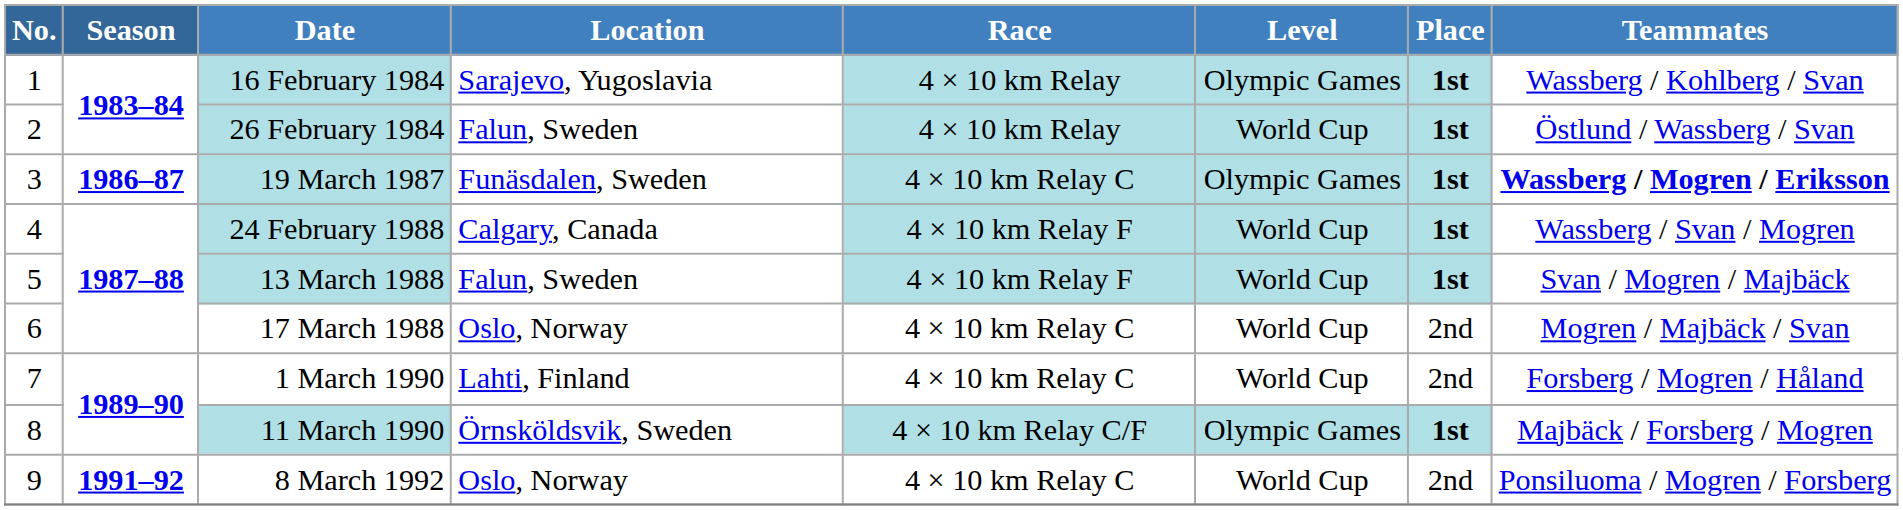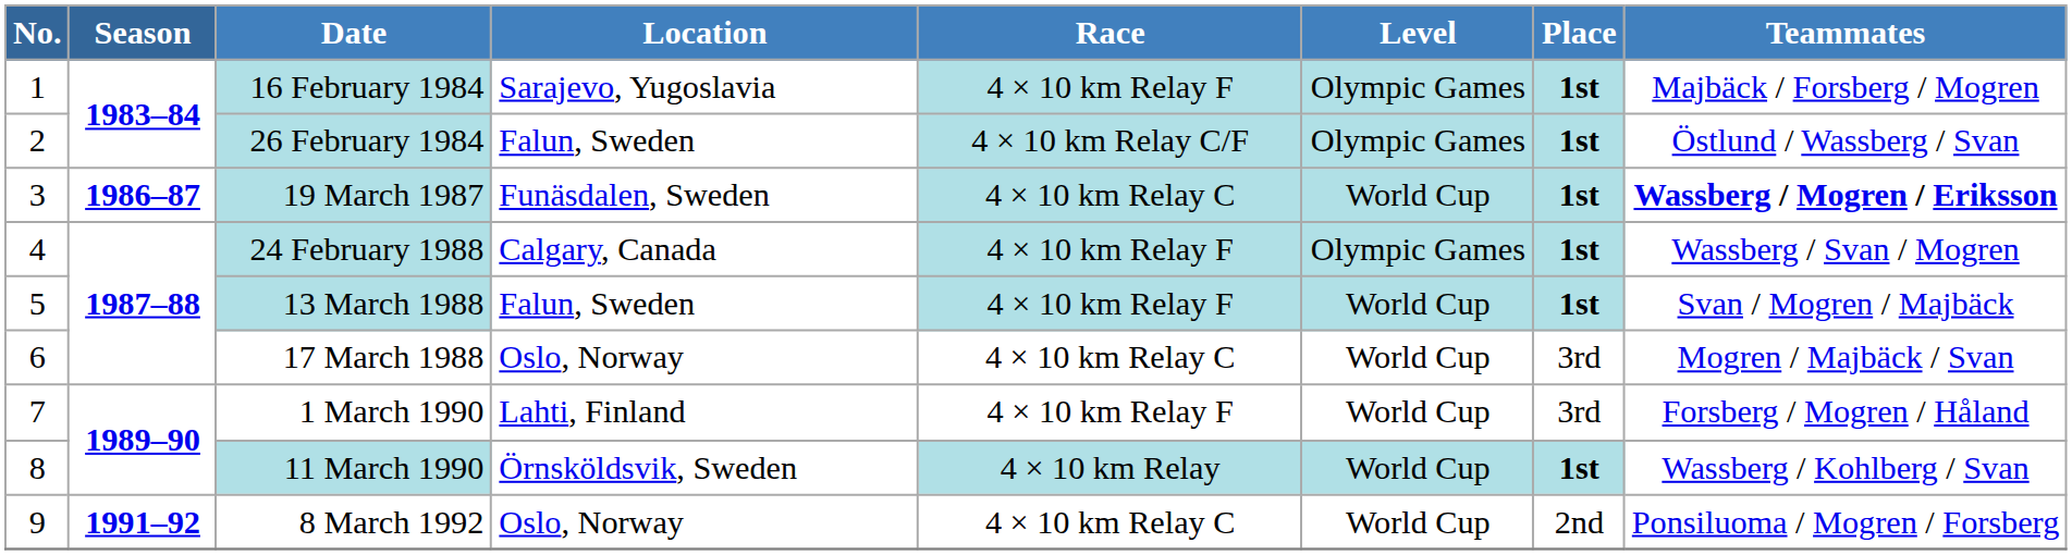 <table class="wikitable sortable" style="font-size:95%; text-align:center; border:grey solid 1px; border-collapse:collapse; background:#ffffff;">
 <tr style="background:#efefef;">
 <th style="background-color:#369; color:white;">No.</th>
 <th style="background-color:#369; color:white;">Season</th>
 <th style="background-color:#4180be; color:white; width:120px;">Date</th>
 <th style="background-color:#4180be; color:white; width:190px;">Location</th>
 <th style="background-color:#4180be; color:white; width:170px;">Race</th>
 <th style="background-color:#4180be; color:white; width:100px;">Level</th>
 <th style="background-color:#4180be; color:white;">Place</th>
 <th style="background-color:#4180be; color:white;">Teammates</th>
 </tr>
 <tr>
 <td align=center>1</td>
 <td rowspan=2 align=center><strong><a href='#'>1983–84</a></strong></td>
 <td bgcolor="#BOEOE6" align=right>16 February 1984</td>
 <td align=left> <a href='#'>Sarajevo</a>, Yugoslavia</td>
-<td bgcolor="#BOEOE6">4 × 10 km Relay</td>
+<td bgcolor="#BOEOE6">4 × 10 km Relay F</td>
 <td bgcolor="#BOEOE6">Olympic Games</td>
 <td bgcolor="#BOEOE6"><strong>1st</strong></td>
-<td><a href='#'>Wassberg</a> / <a href='#'>Kohlberg</a> / <a href='#'>Svan</a></td>
+<td><a href='#'>Majbäck</a> / <a href='#'>Forsberg</a> / <a href='#'>Mogren</a></td>
 </tr>
 <tr>
 <td align=center>2</td>
 <td bgcolor="#BOEOE6" align=right>26 February 1984</td>
 <td align=left> <a href='#'>Falun</a>, Sweden</td>
-<td bgcolor="#BOEOE6">4 × 10 km Relay</td>
-<td bgcolor="#BOEOE6">World Cup</td>
+<td bgcolor="#BOEOE6">4 × 10 km Relay C/F</td>
+<td bgcolor="#BOEOE6">Olympic Games</td>
 <td bgcolor="#BOEOE6"><strong>1st</strong></td>
 <td><a href='#'>Östlund</a> / <a href='#'>Wassberg</a> / <a href='#'>Svan</a></td>
 </tr>
 <tr>
 <td align=center>3</td>
 <td rowspan=1 align=center><strong><a href='#'>1986–87</a></strong></td>
 <td bgcolor="#BOEOE6" align=right>19 March 1987</td>
 <td align=left> <a href='#'>Funäsdalen</a>, Sweden</td>
 <td bgcolor="#BOEOE6">4 × 10 km Relay C</td>
-<td bgcolor="#BOEOE6">Olympic Games</td>
+<td bgcolor="#BOEOE6">World Cup</td>
 <td bgcolor="#BOEOE6"><strong>1st</strong></td>
 <td><strong><a href='#'>Wassberg</a> / <a href='#'>Mogren</a> / <a href='#'>Eriksson</a></strong></td>
 </tr>
 <tr>
 <td align=center>4</td>
 <td rowspan=3 align=center><strong><a href='#'>1987–88</a></strong></td>
 <td bgcolor="#BOEOE6" align=right>24 February 1988</td>
 <td align=left> <a href='#'>Calgary</a>, Canada</td>
 <td bgcolor="#BOEOE6">4 × 10 km Relay F</td>
-<td bgcolor="#BOEOE6">World Cup</td>
+<td bgcolor="#BOEOE6">Olympic Games</td>
 <td bgcolor="#BOEOE6"><strong>1st</strong></td>
 <td><a href='#'>Wassberg</a> / <a href='#'>Svan</a> / <a href='#'>Mogren</a></td>
 </tr>
 <tr>
 <td align=center>5</td>
 <td bgcolor="#BOEOE6" align=right>13 March 1988</td>
 <td align=left> <a href='#'>Falun</a>, Sweden</td>
 <td bgcolor="#BOEOE6">4 × 10 km Relay F</td>
 <td bgcolor="#BOEOE6">World Cup</td>
 <td bgcolor="#BOEOE6"><strong>1st</strong></td>
 <td><a href='#'>Svan</a> /  <a href='#'>Mogren</a> / <a href='#'>Majbäck</a></td>
 </tr>
 <tr>
 <td align=center>6</td>
 <td align=right>17 March 1988</td>
 <td align=left> <a href='#'>Oslo</a>, Norway</td>
 <td>4 × 10 km Relay C</td>
 <td>World Cup</td>
-<td>2nd</td>
+<td>3rd</td>
 <td><a href='#'>Mogren</a> / <a href='#'>Majbäck</a> / <a href='#'>Svan</a></td>
 </tr>
 <tr>
 <td align=center>7</td>
 <td rowspan=2 align=center><strong> <a href='#'>1989–90</a> </strong></td>
 <td align=right>1 March 1990</td>
 <td align=left> <a href='#'>Lahti</a>, Finland</td>
-<td>4 × 10 km Relay C</td>
+<td>4 × 10 km Relay F</td>
 <td>World Cup</td>
-<td>2nd</td>
+<td>3rd</td>
 <td><a href='#'>Forsberg</a> / <a href='#'>Mogren</a> / <a href='#'>Håland</a></td>
 </tr>
 <tr>
 <td align=center>8</td>
 <td bgcolor="#BOEOE6" align=right>11 March 1990</td>
 <td align=left> <a href='#'>Örnsköldsvik</a>, Sweden</td>
-<td bgcolor="#BOEOE6">4 × 10 km Relay C/F</td>
-<td bgcolor="#BOEOE6">Olympic Games</td>
+<td bgcolor="#BOEOE6">4 × 10 km Relay</td>
+<td bgcolor="#BOEOE6">World Cup</td>
 <td bgcolor="#BOEOE6"><strong>1st</strong></td>
-<td><a href='#'>Majbäck</a> / <a href='#'>Forsberg</a> / <a href='#'>Mogren</a></td>
+<td><a href='#'>Wassberg</a> / <a href='#'>Kohlberg</a> / <a href='#'>Svan</a></td>
 </tr>
 <tr>
 <td align=center>9</td>
 <td rowspan=1 align=center><strong> <a href='#'>1991–92</a> </strong></td>
 <td align=right>8 March 1992</td>
 <td align=left> <a href='#'>Oslo</a>, Norway</td>
 <td>4 × 10 km Relay C</td>
 <td>World Cup</td>
 <td>2nd</td>
 <td><a href='#'>Ponsiluoma</a> / <a href='#'>Mogren</a> /  <a href='#'>Forsberg</a></td>
 </tr>
 <tr>
 </tr>
 </table>
